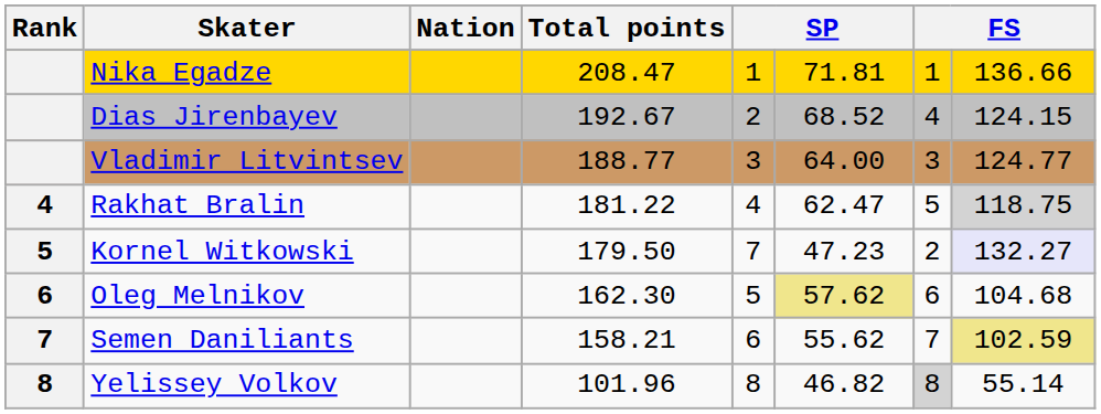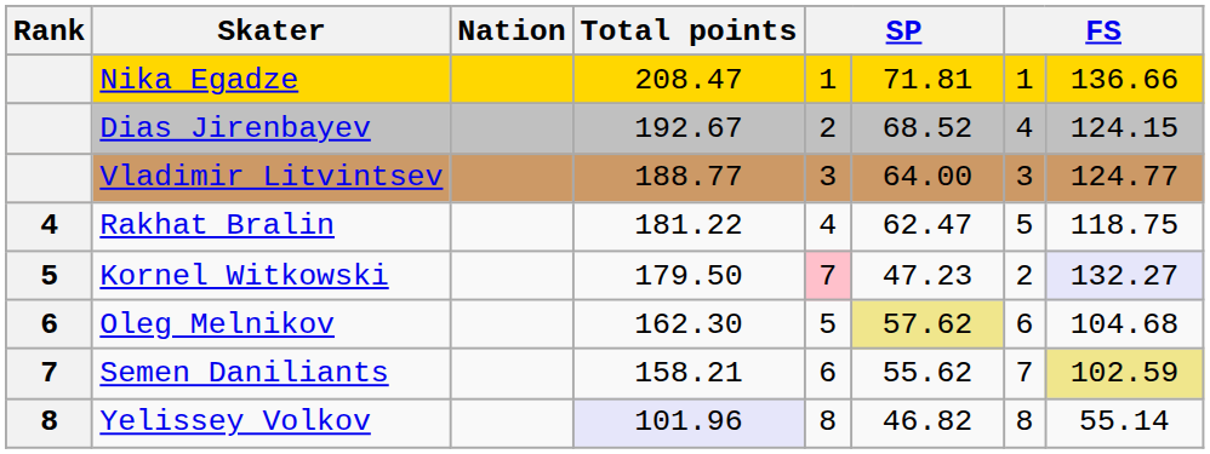 <table class="wikitable sortable" style="text-align:left">
 <tr>
 <th scope="col">Rank</th>
 <th scope="col">Skater</th>
 <th scope="col">Nation</th>
 <th scope="col">Total points</th>
 <th scope="col" colspan="2" width="80px"><a href='#'>SP</a></th>
 <th scope="col" colspan="2" width="80px"><a href='#'>FS</a></th>
 </tr>
 <tr bgcolor="gold">
 <th scope="row"></th>
 <td><a href='#'>Nika Egadze</a></td>
 <td></td>
 <td align="center">208.47</td>
 <td align="center">1</td>
 <td align="center">71.81</td>
 <td align="center">1</td>
 <td align="center">136.66</td>
 </tr>
 <tr bgcolor="silver">
 <th scope="row"></th>
 <td><a href='#'>Dias Jirenbayev</a></td>
 <td></td>
 <td align="center">192.67</td>
 <td align="center">2</td>
 <td align="center">68.52</td>
 <td align="center">4</td>
 <td align="center">124.15</td>
 </tr>
 <tr bgcolor="cc9966">
 <th scope="row"></th>
 <td><a href='#'>Vladimir Litvintsev</a></td>
 <td></td>
 <td align="center">188.77</td>
 <td align="center">3</td>
 <td align="center">64.00</td>
 <td align="center">3</td>
 <td align="center">124.77</td>
 </tr>
 <tr>
 <th scope="row">4</th>
 <td><a href='#'>Rakhat Bralin</a></td>
 <td></td>
 <td align="center">181.22</td>
 <td align="center">4</td>
 <td align="center">62.47</td>
 <td align="center">5</td>
-<td align="center" style="background: lightgrey;">118.75</td>
+<td align="center">118.75</td>
 </tr>
 <tr>
 <th scope="row">5</th>
 <td><a href='#'>Kornel Witkowski</a></td>
 <td></td>
 <td align="center">179.50</td>
-<td align="center">7</td>
+<td align="center" style="background: pink;">7</td>
 <td align="center">47.23</td>
 <td align="center">2</td>
 <td align="center" style="background: lavender;">132.27</td>
 </tr>
 <tr>
 <th scope="row">6</th>
 <td><a href='#'>Oleg Melnikov</a></td>
 <td></td>
 <td align="center">162.30</td>
 <td align="center">5</td>
 <td align="center" style="background: khaki;">57.62</td>
 <td align="center">6</td>
 <td align="center">104.68</td>
 </tr>
 <tr>
 <th scope="row">7</th>
 <td><a href='#'>Semen Daniliants</a></td>
 <td></td>
 <td align="center">158.21</td>
 <td align="center">6</td>
 <td align="center">55.62</td>
 <td align="center">7</td>
 <td align="center" style="background: khaki;">102.59</td>
 </tr>
 <tr>
 <th scope="row">8</th>
 <td><a href='#'>Yelissey Volkov</a></td>
 <td></td>
-<td align="center">101.96</td>
+<td align="center" style="background: lavender;">101.96</td>
 <td align="center">8</td>
 <td align="center">46.82</td>
-<td align="center" style="background: lightgrey;">8</td>
+<td align="center">8</td>
 <td align="center">55.14</td>
 </tr>
 </table>
